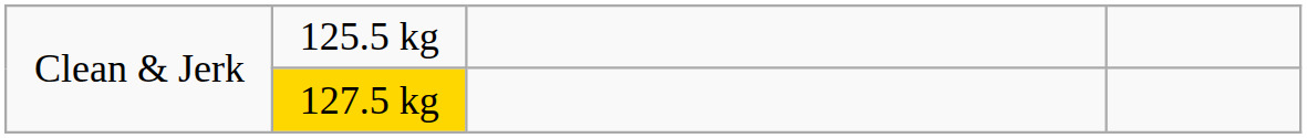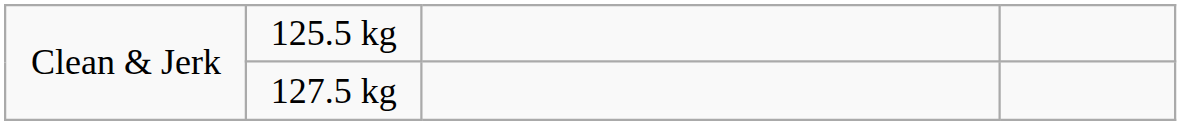 <table class = "wikitable" style="text-align:center;">
 <tr>
 <td rowspan=2 width=100>Clean & Jerk</td>
 <td width=70>125.5 kg</td>
 <td width=250 align=left></td>
 <td width=70></td>
 </tr>
 <tr>
-<td style="background: gold;">127.5 kg</td>
+<td>127.5 kg</td>
 <td align=left></td>
 <td></td>
 </tr>
 </table>
